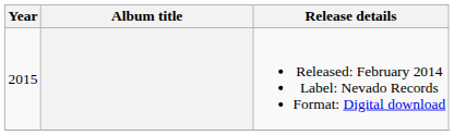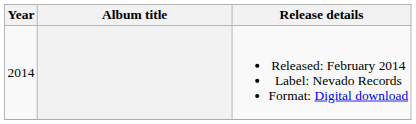 <table class="wikitable plainrowheaders" style="text-align:center;">
 <tr>
 <th>Year</th>
 <th scope="col" rowspan="1" style="width:14em;">Album title</th>
 <th scope="col" rowspan="1">Release details</th>
 </tr>
 <tr>
-<td rowspan="1">2015</td>
+<td rowspan="1">2014</td>
 <th></th>
 <td><br><ul><li>Released: February 2014</li><li>Label: Nevado Records</li><li>Format: <a href='#'>Digital download</a></li></ul></td>
 </tr>
 <tr>
 </tr>
 </table>
